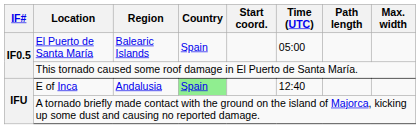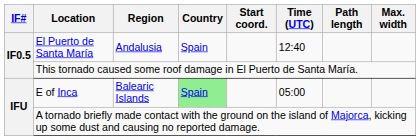 <table class="wikitable sortable" style="width:100%;">
 <tr>
 <th scope="col" width="2%" align="center"><a href='#'>IF#</a></th>
 <th scope="col" align="center" class="unsortable">Location</th>
 <th scope="col" align="center" class="unsortable">Region</th>
 <th scope="col" align="center">Country</th>
 <th scope="col" align="center">Start coord.</th>
 <th scope="col" align="center">Time (<a href='#'>UTC</a>)</th>
 <th scope="col" align="center">Path length</th>
 <th scope="col" align="center">Max. width</th>
 </tr>
 <tr>
 <th scope="row" rowspan="2" style="background-color:#">IF0.5</th>
 <td><a href='#'>El Puerto de Santa María</a></td>
-<td><a href='#'>Balearic Islands</a></td>
+<td><a href='#'>Andalusia</a></td>
 <td><a href='#'>Spain</a></td>
 <td></td>
-<td>05:00</td>
+<td>12:40</td>
 <td></td>
 <td></td>
 </tr>
 <tr class="expand-child">
 <td colspan="8" style=" border-bottom: 1px solid black;">This tornado caused some roof damage in El Puerto de Santa María.</td>
 </tr>
 <tr>
 <th scope="row" rowspan="2" style="background-color:#">IFU</th>
 <td>E of <a href='#'>Inca</a></td>
-<td><a href='#'>Andalusia</a></td>
+<td><a href='#'>Balearic Islands</a></td>
 <td style="background: lightgreen;"><a href='#'>Spain</a></td>
 <td></td>
-<td>12:40</td>
+<td>05:00</td>
 <td></td>
 <td></td>
 </tr>
 <tr class="expand-child">
 <td colspan="8" style=" border-bottom: 1px solid black;">A tornado briefly made contact with the ground on the island of <a href='#'>Majorca</a>, kicking up some dust and causing no reported damage.</td>
 </tr>
 </table>
